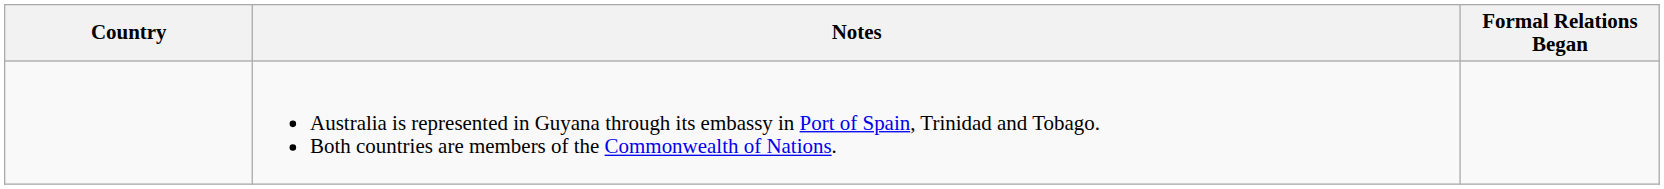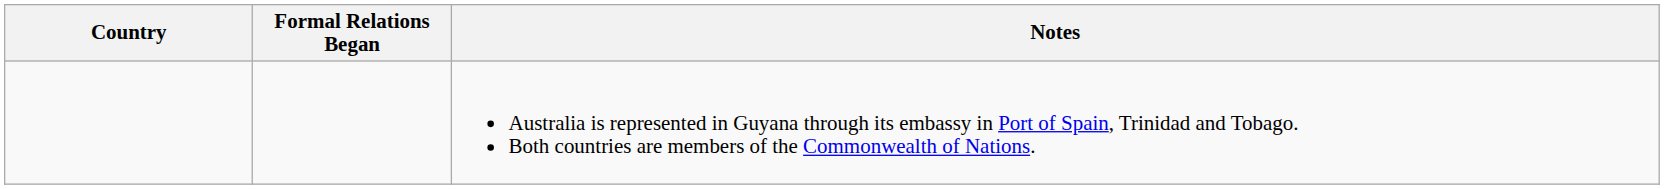 <table class="wikitable sortable" style="width:100%; margin:auto;">
 <tr>
 <th style="width:15%;">Country</th>
+<th style="width:12%;">Formal Relations Began</th>
 <th>Notes</th>
-<th style="width:12%;">Formal Relations Began</th>
 </tr>
 <tr valign="top">
 <td></td>
+<td></td>
 <td><br><ul><li>Australia is represented in Guyana through its embassy in <a href='#'>Port of Spain</a>, Trinidad and Tobago.</li><li>Both countries are members of the <a href='#'>Commonwealth of Nations</a>.</li></ul></td>
-<td></td>
 </tr>
 </table>
